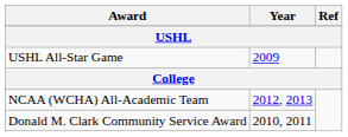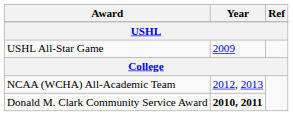 <table class="wikitable">
 <tr>
 <th>Award</th>
 <th>Year</th>
 <th>Ref</th>
 </tr>
 <tr>
 </tr>
 <tr>
 <th colspan="3"><a href='#'>USHL</a></th>
 </tr>
 <tr>
 <td>USHL All-Star Game</td>
 <td><a href='#'>2009</a></td>
 <td></td>
 </tr>
 <tr>
 <th colspan="3"><a href='#'>College</a></th>
 </tr>
 <tr>
 <td>NCAA (WCHA) All-Academic Team</td>
 <td><a href='#'>2012</a>, <a href='#'>2013</a></td>
 <td rowspan="2"></td>
 </tr>
 <tr>
 <td>Donald M. Clark Community Service Award</td>
-<td>2010, 2011</td>
+<td><strong>2010, 2011</strong></td>
 </tr>
 </table>
